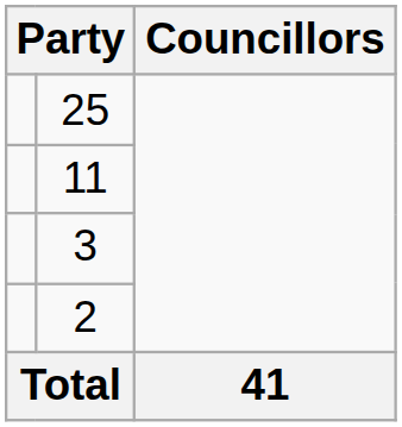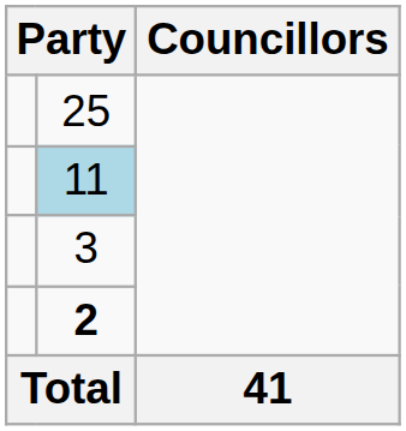 <table class="wikitable">
 <tr>
 <th colspan=2>Party</th>
 <th>Councillors</th>
 </tr>
 <tr>
 <td></td>
 <td align=center>25</td>
 </tr>
 <tr>
 <td></td>
-<td align=center>11</td>
+<td align=center style="background: lightblue;">11</td>
 </tr>
 <tr>
 <td></td>
 <td align=center>3</td>
 </tr>
 <tr>
 <td></td>
-<td align=center>2</td>
+<td align=center><strong>2</strong></td>
 </tr>
 <tr>
 <th colspan=2>Total</th>
 <th align=center>41</th>
 </tr>
 </table>
